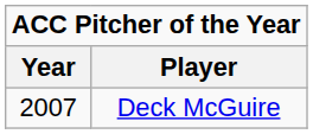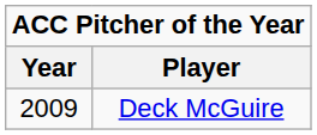 <table class="wikitable">
 <tr>
 <td colspan="3"><strong>ACC Pitcher of the Year</strong></td>
 </tr>
 <tr>
 <th>Year</th>
 <th>Player</th>
 </tr>
 <tr style="text-align:center;">
-<td>2007</td>
+<td>2009</td>
 <td><a href='#'>Deck McGuire</a></td>
 </tr>
 </table>
